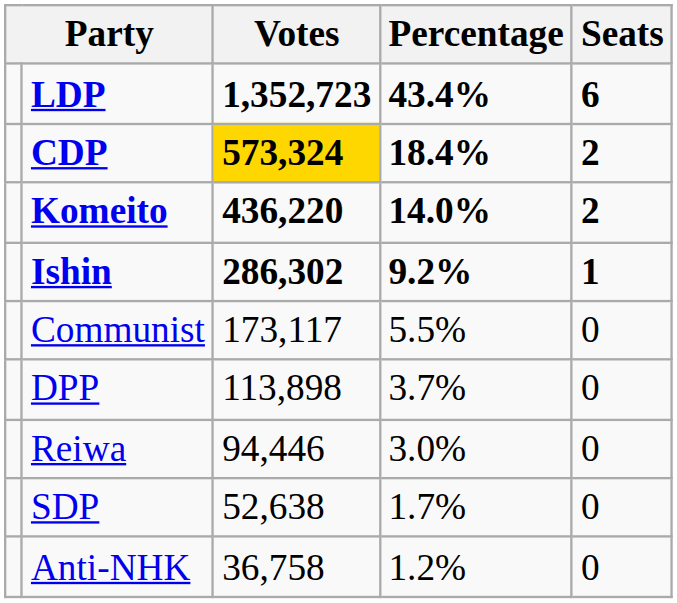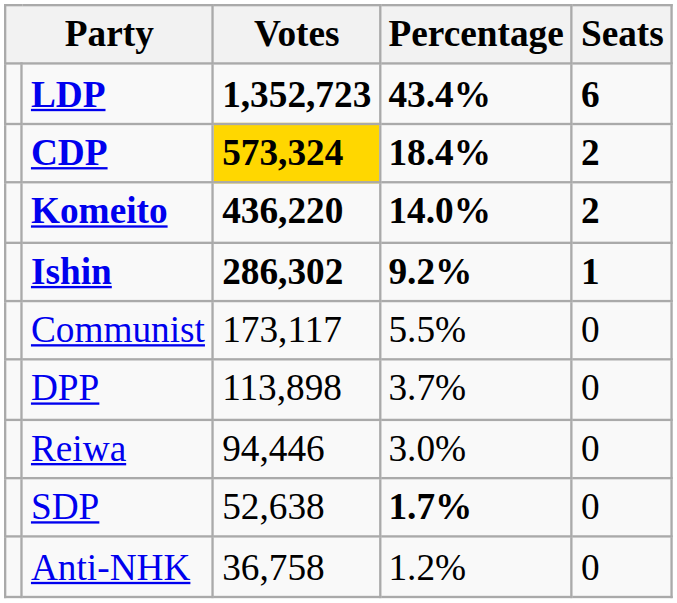 <table class="wikitable">
 <tr>
 <th colspan=2>Party</th>
 <th>Votes</th>
 <th>Percentage</th>
 <th>Seats</th>
 </tr>
 <tr>
 <td bgcolor=></td>
 <td><strong><a href='#'>LDP</a></strong></td>
 <td><strong>1,352,723</strong></td>
 <td><strong>43.4%</strong></td>
 <td><strong>6</strong></td>
 </tr>
 <tr>
 <td bgcolor=></td>
 <td><strong><a href='#'>CDP</a></strong></td>
 <td style="background: gold;"><strong>573,324</strong></td>
 <td><strong>18.4%</strong></td>
 <td><strong>2</strong></td>
 </tr>
 <tr>
 <td bgcolor=></td>
 <td><strong><a href='#'>Komeito</a></strong></td>
 <td><strong>436,220</strong></td>
 <td><strong>14.0%</strong></td>
 <td><strong>2</strong></td>
 </tr>
 <tr>
 <td bgcolor=></td>
 <td><strong> <a href='#'>Ishin</a> </strong></td>
 <td><strong>286,302</strong></td>
 <td><strong>9.2%</strong></td>
 <td><strong>1</strong></td>
 </tr>
 <tr>
 <td bgcolor=></td>
 <td><a href='#'>Communist</a></td>
 <td>173,117</td>
 <td>5.5%</td>
 <td>0</td>
 </tr>
 <tr>
 <td bgcolor=></td>
 <td><a href='#'>DPP</a></td>
 <td>113,898</td>
 <td>3.7%</td>
 <td>0</td>
 </tr>
 <tr>
 <td bgcolor=></td>
 <td><a href='#'>Reiwa</a></td>
 <td>94,446</td>
 <td>3.0%</td>
 <td>0</td>
 </tr>
 <tr>
 <td bgcolor=></td>
 <td><a href='#'>SDP</a></td>
 <td>52,638</td>
-<td>1.7%</td>
+<td><strong>1.7%</strong></td>
 <td>0</td>
 </tr>
 <tr>
 <td bgcolor=></td>
 <td><a href='#'>Anti-NHK</a></td>
 <td>36,758</td>
 <td>1.2%</td>
 <td>0</td>
 </tr>
 </table>
